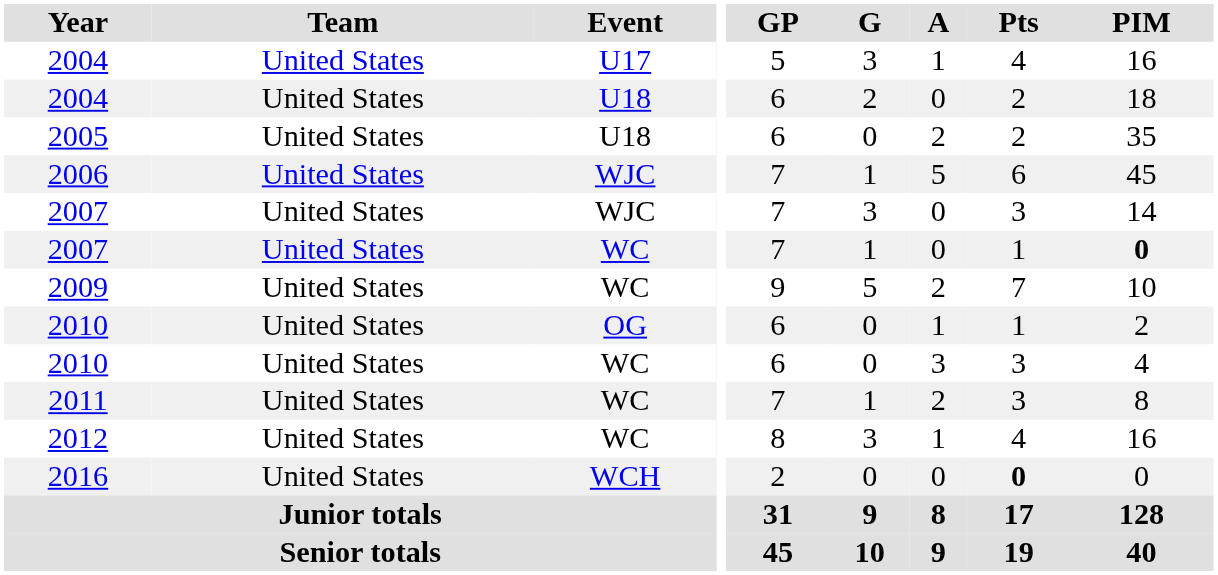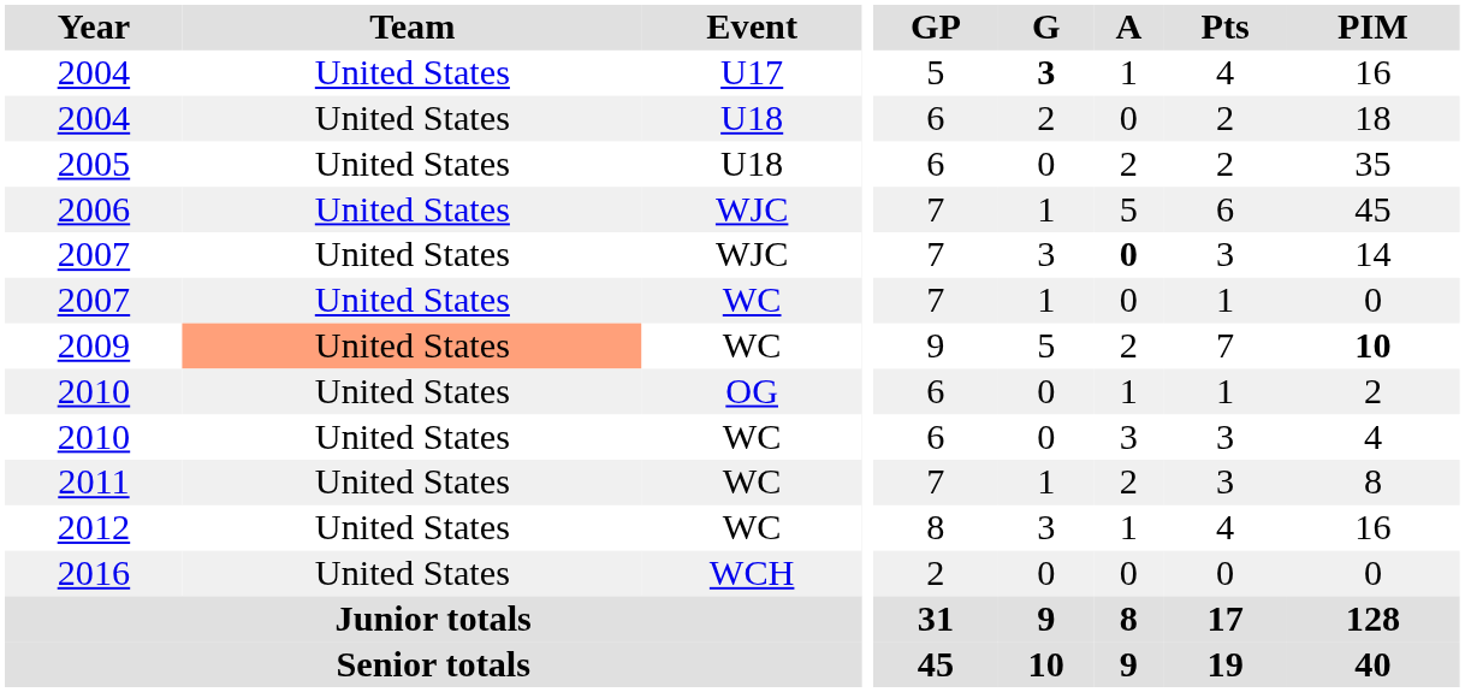 <table border="0" cellpadding="1" cellspacing="0" ID="Table3" style="text-align:center; width:40em;">
 <tr bgcolor="#e0e0e0">
 <th>Year</th>
 <th>Team</th>
 <th>Event</th>
 <th rowspan="99" bgcolor="#ffffff"></th>
 <th>GP</th>
 <th>G</th>
 <th>A</th>
 <th>Pts</th>
 <th>PIM</th>
 </tr>
 <tr>
 <td><a href='#'>2004</a></td>
 <td><a href='#'>United States</a></td>
 <td><a href='#'>U17</a></td>
 <td>5</td>
-<td>3</td>
+<td><strong>3</strong></td>
 <td>1</td>
 <td>4</td>
 <td>16</td>
 </tr>
 <tr bgcolor="#f0f0f0">
 <td><a href='#'>2004</a></td>
 <td>United States</td>
 <td><a href='#'>U18</a></td>
 <td>6</td>
 <td>2</td>
 <td>0</td>
 <td>2</td>
 <td>18</td>
 </tr>
 <tr>
 <td><a href='#'>2005</a></td>
 <td>United States</td>
 <td>U18</td>
 <td>6</td>
 <td>0</td>
 <td>2</td>
 <td>2</td>
 <td>35</td>
 </tr>
 <tr bgcolor="#f0f0f0">
 <td><a href='#'>2006</a></td>
 <td><a href='#'>United States</a></td>
 <td><a href='#'>WJC</a></td>
 <td>7</td>
 <td>1</td>
 <td>5</td>
 <td>6</td>
 <td>45</td>
 </tr>
 <tr>
 <td><a href='#'>2007</a></td>
 <td>United States</td>
 <td>WJC</td>
 <td>7</td>
 <td>3</td>
-<td>0</td>
+<td><strong>0</strong></td>
 <td>3</td>
 <td>14</td>
 </tr>
 <tr bgcolor="#f0f0f0">
 <td><a href='#'>2007</a></td>
 <td><a href='#'>United States</a></td>
 <td><a href='#'>WC</a></td>
 <td>7</td>
 <td>1</td>
 <td>0</td>
 <td>1</td>
-<td><strong>0</strong></td>
+<td>0</td>
 </tr>
 <tr>
 <td><a href='#'>2009</a></td>
-<td>United States</td>
+<td style="background: lightsalmon;">United States</td>
 <td>WC</td>
 <td>9</td>
 <td>5</td>
 <td>2</td>
 <td>7</td>
-<td>10</td>
+<td><strong>10</strong></td>
 </tr>
 <tr bgcolor="#f0f0f0">
 <td><a href='#'>2010</a></td>
 <td>United States</td>
 <td><a href='#'>OG</a></td>
 <td>6</td>
 <td>0</td>
 <td>1</td>
 <td>1</td>
 <td>2</td>
 </tr>
 <tr>
 <td><a href='#'>2010</a></td>
 <td>United States</td>
 <td>WC</td>
 <td>6</td>
 <td>0</td>
 <td>3</td>
 <td>3</td>
 <td>4</td>
 </tr>
 <tr bgcolor="#f0f0f0">
 <td><a href='#'>2011</a></td>
 <td>United States</td>
 <td>WC</td>
 <td>7</td>
 <td>1</td>
 <td>2</td>
 <td>3</td>
 <td>8</td>
 </tr>
 <tr>
 <td><a href='#'>2012</a></td>
 <td>United States</td>
 <td>WC</td>
 <td>8</td>
 <td>3</td>
 <td>1</td>
 <td>4</td>
 <td>16</td>
 </tr>
 <tr bgcolor="#f0f0f0">
 <td><a href='#'>2016</a></td>
 <td>United States</td>
 <td><a href='#'>WCH</a></td>
 <td>2</td>
 <td>0</td>
 <td>0</td>
-<td><strong>0</strong></td>
+<td>0</td>
 <td>0</td>
 </tr>
 <tr bgcolor="#e0e0e0">
 <th colspan="3">Junior totals</th>
 <th>31</th>
 <th>9</th>
 <th>8</th>
 <th>17</th>
 <th>128</th>
 </tr>
 <tr bgcolor="#e0e0e0">
 <th colspan="3">Senior totals</th>
 <th>45</th>
 <th>10</th>
 <th>9</th>
 <th>19</th>
 <th>40</th>
 </tr>
 </table>
